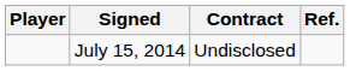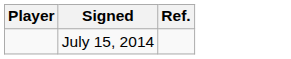 <table class="wikitable sortable sortable" style="text-align: center;">
 <tr>
 <th>Player</th>
 <th>Signed</th>
-<th>Contract</th>
 <th>Ref.</th>
 </tr>
 <tr>
 <td></td>
 <td>July 15, 2014</td>
-<td>Undisclosed</td>
 <td></td>
 </tr>
 </table>
